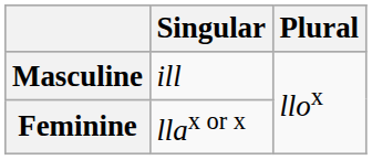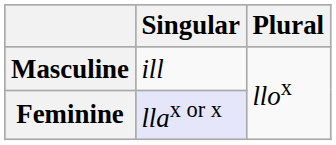 <table class="wikitable">
 <tr>
 <th></th>
 <th>Singular</th>
 <th>Plural</th>
 </tr>
 <tr>
 <th>Masculine</th>
 <td><em>ill</em></td>
 <td rowspan="2"><em>llo</em><sup><span>x</span></sup></td>
 </tr>
 <tr>
 <th>Feminine</th>
-<td><em>lla</em><sup><span>x</span> or <span>x</span></sup></td>
+<td style="background: lavender;"><em>lla</em><sup><span>x</span> or <span>x</span></sup></td>
 </tr>
 </table>
